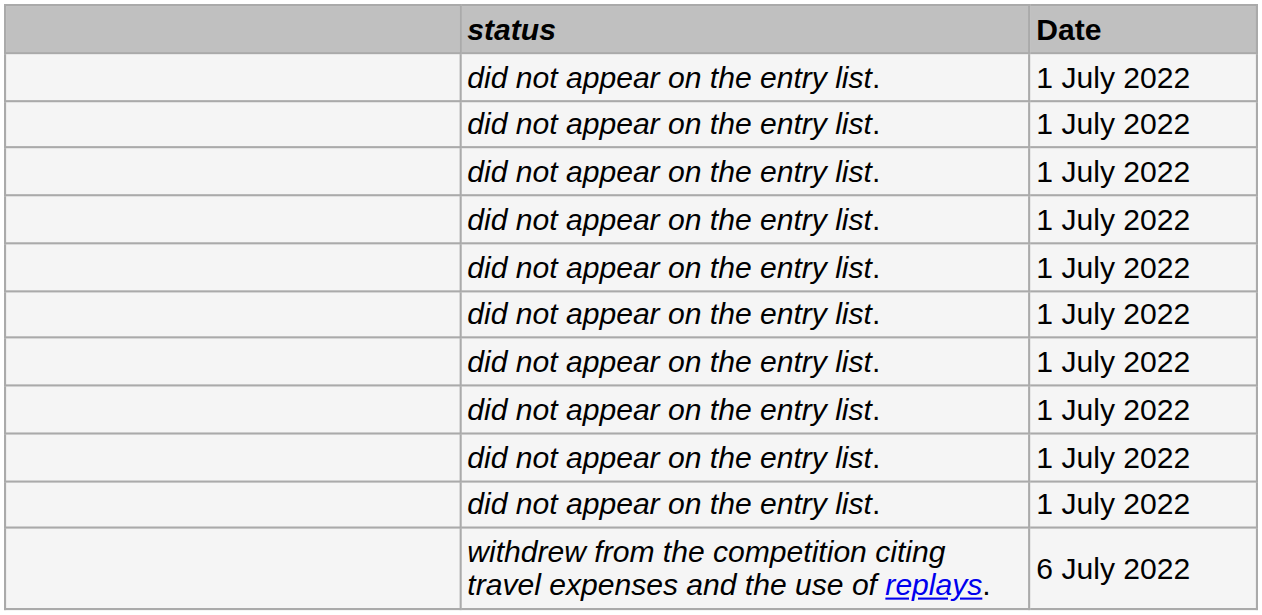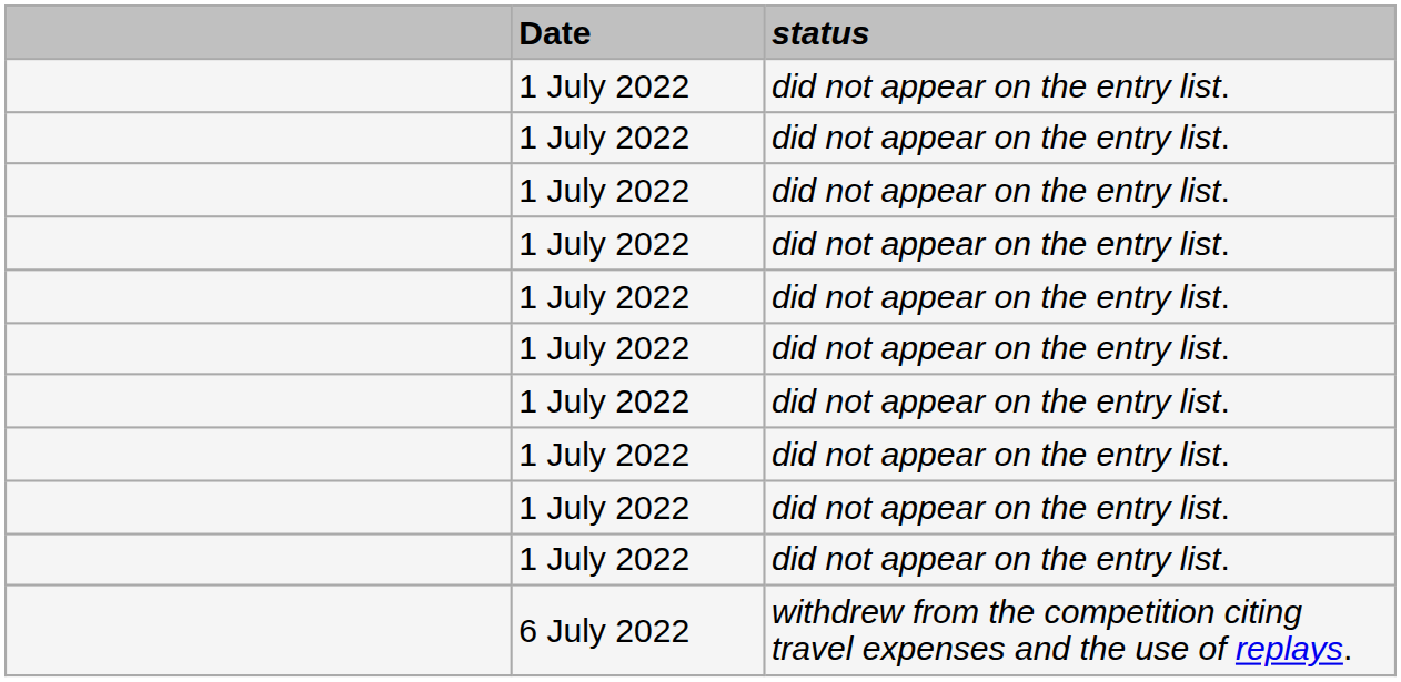 <table class="wikitable" style="width: 600px; background:WhiteSmoke; font-size:90%">
 <tr>
 <td scope="col" style="width: 20.00%; background:silver; text-align:right"></td>
+<td scope="col" style="width: 10.00%; background:silver;"><strong>Date</strong></td>
 <td scope="col" style="width: 25.00%; background:silver;"><strong> <em>status</em> </strong></td>
-<td scope="col" style="width: 10.00%; background:silver;"><strong>Date</strong></td>
 </tr>
 <tr>
 <td></td>
+<td>1 July 2022</td>
 <td><em>did not appear on the entry list</em>.</td>
-<td>1 July 2022</td>
 </tr>
 <tr>
 <td></td>
+<td>1 July 2022</td>
 <td><em>did not appear on the entry list</em>.</td>
-<td>1 July 2022</td>
 </tr>
 <tr>
 <td></td>
+<td>1 July 2022</td>
 <td><em>did not appear on the entry list</em>.</td>
-<td>1 July 2022</td>
 </tr>
 <tr>
 <td></td>
+<td>1 July 2022</td>
 <td><em>did not appear on the entry list</em>.</td>
-<td>1 July 2022</td>
 </tr>
 <tr>
 <td></td>
+<td>1 July 2022</td>
 <td><em>did not appear on the entry list</em>.</td>
-<td>1 July 2022</td>
 </tr>
 <tr>
 <td></td>
+<td>1 July 2022</td>
 <td><em>did not appear on the entry list</em>.</td>
-<td>1 July 2022</td>
 </tr>
 <tr>
 <td></td>
+<td>1 July 2022</td>
 <td><em>did not appear on the entry list</em>.</td>
-<td>1 July 2022</td>
 </tr>
 <tr>
 <td></td>
+<td>1 July 2022</td>
 <td><em>did not appear on the entry list</em>.</td>
-<td>1 July 2022</td>
 </tr>
 <tr>
 <td></td>
+<td>1 July 2022</td>
 <td><em>did not appear on the entry list</em>.</td>
-<td>1 July 2022</td>
 </tr>
 <tr>
 <td></td>
+<td>1 July 2022</td>
 <td><em>did not appear on the entry list</em>.</td>
-<td>1 July 2022</td>
 </tr>
 <tr>
 <td></td>
+<td>6 July 2022</td>
 <td><em>withdrew from the competition citing travel expenses and the use of <a href='#'>replays</a></em>.</td>
-<td>6 July 2022</td>
 </tr>
 </table>
